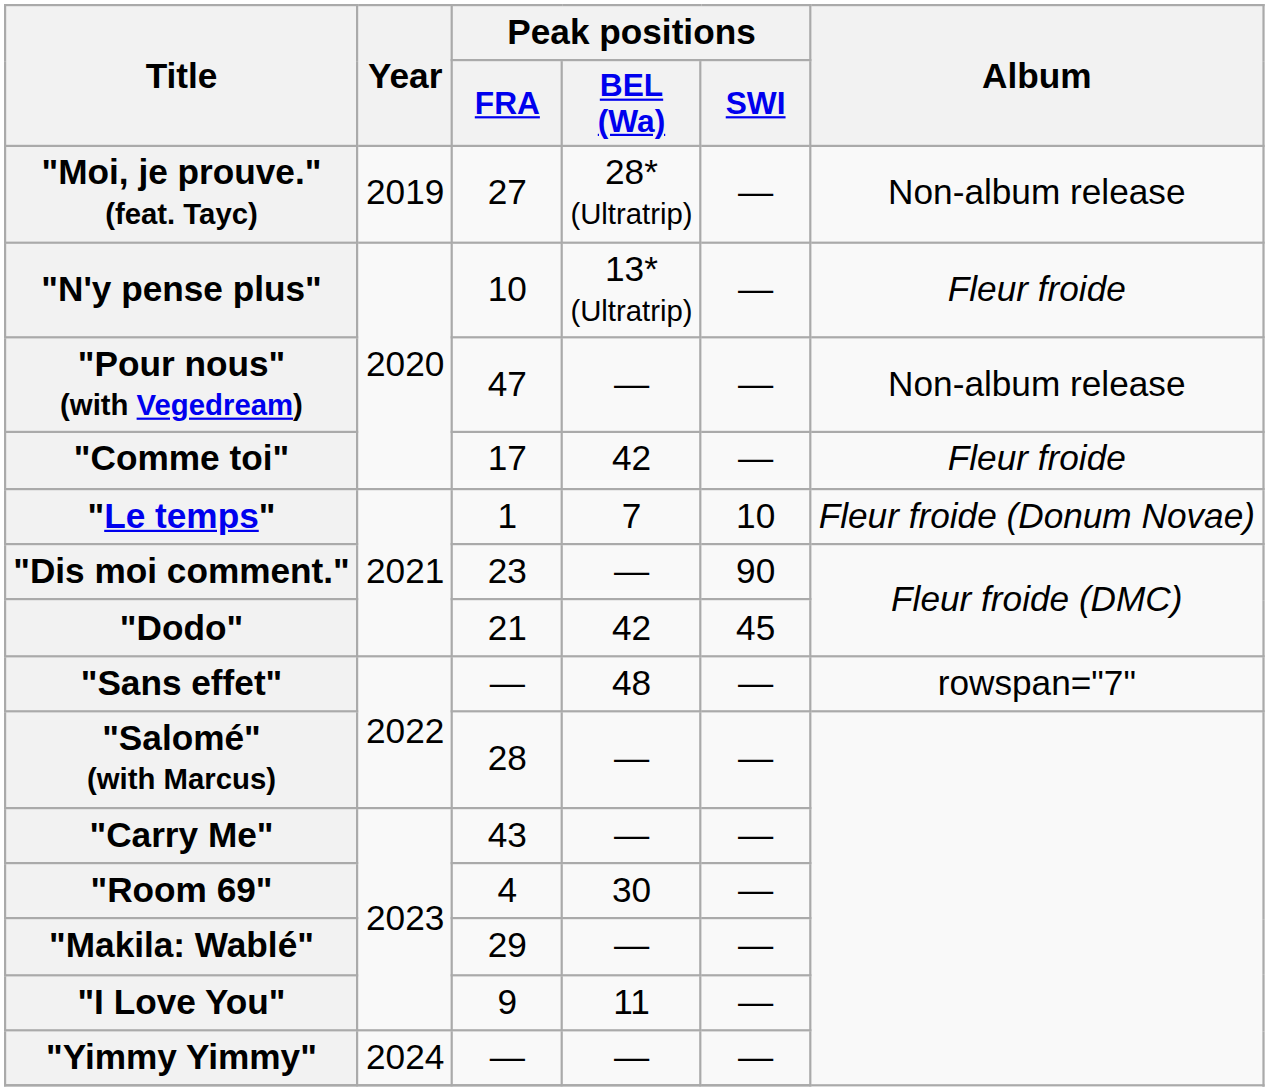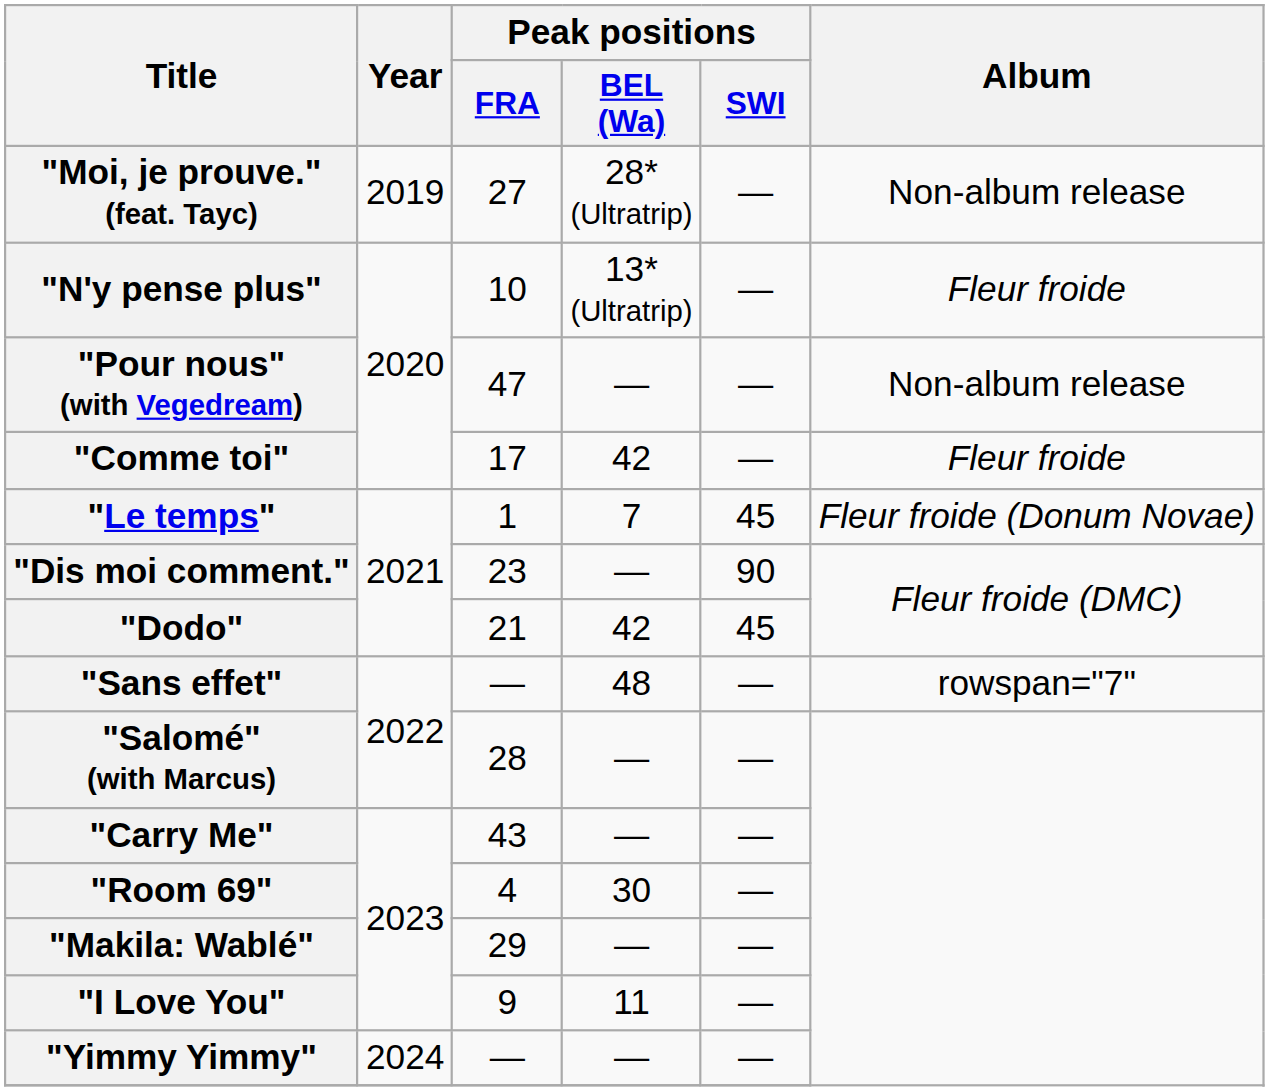 <table class="wikitable plainrowheaders" style="text-align:center">
 <tr>
 <th scope="col" rowspan="2">Title</th>
 <th scope="col" rowspan="2">Year</th>
 <th scope="col" colspan="3">Peak positions</th>
 <th scope="col" rowspan="2">Album</th>
 </tr>
 <tr>
 <th scope="col" style="width:3em;font-size:90%;"><a href='#'>FRA</a><br></th>
 <th scope="col" style="width:3em;font-size:90%;"><a href='#'>BEL<br>(Wa)</a><br></th>
 <th scope="col" style="width:3em;font-size:90%;"><a href='#'>SWI</a><br></th>
 </tr>
 <tr>
 <th scope="row">"Moi, je prouve."<br><small>(feat. Tayc)</small></th>
 <td>2019</td>
 <td>27</td>
 <td>28*<br><small>(Ultratrip)</small></td>
 <td>—</td>
 <td>Non-album release</td>
 </tr>
 <tr>
 <th scope="row">"N'y pense plus"</th>
 <td rowspan=3>2020</td>
 <td>10</td>
 <td>13*<br><small>(Ultratrip)</small></td>
 <td>—</td>
 <td><em>Fleur froide</em></td>
 </tr>
 <tr>
 <th scope="row">"Pour nous"<br><small>(with <a href='#'>Vegedream</a>)</small></th>
 <td>47</td>
 <td>—</td>
 <td>—</td>
 <td>Non-album release</td>
 </tr>
 <tr>
 <th scope="row">"Comme toi"</th>
 <td>17</td>
 <td>42</td>
 <td>—</td>
 <td><em>Fleur froide</em></td>
 </tr>
 <tr>
 <th scope="row">"<a href='#'>Le temps</a>"</th>
 <td rowspan=3>2021</td>
 <td>1</td>
 <td>7</td>
-<td>10</td>
+<td>45</td>
 <td><em>Fleur froide (Donum Novae)</em></td>
 </tr>
 <tr>
 <th scope="row">"Dis moi comment."</th>
 <td>23</td>
 <td>—</td>
 <td>90</td>
 <td rowspan="2"><em>Fleur froide (DMC)</em></td>
 </tr>
 <tr>
 <th scope="row">"Dodo"</th>
 <td>21</td>
 <td>42</td>
 <td>45</td>
 </tr>
 <tr>
 <th scope="row">"Sans effet"</th>
 <td rowspan="2">2022</td>
 <td>—</td>
 <td>48</td>
 <td>—</td>
 <td>rowspan="7" </td>
 </tr>
 <tr>
 <th scope="row">"Salomé"<br><small>(with Marcus)</small></th>
 <td>28</td>
 <td>—</td>
 <td>—</td>
 </tr>
 <tr>
 <th scope="row">"Carry Me"</th>
 <td rowspan=4>2023</td>
 <td>43</td>
 <td>—</td>
 <td>—</td>
 </tr>
 <tr>
 <th scope="row">"Room 69"</th>
 <td>4</td>
 <td>30</td>
 <td>—</td>
 </tr>
 <tr>
 <th scope="row">"Makila: Wablé"<br></th>
 <td>29</td>
 <td>—</td>
 <td>—</td>
 </tr>
 <tr>
 <th scope="row">"I Love You"<br></th>
 <td>9</td>
 <td>11</td>
 <td>—</td>
 </tr>
 <tr>
 <th scope="row">"Yimmy Yimmy"<br></th>
 <td>2024</td>
 <td>—</td>
 <td>—</td>
 <td>—</td>
 </tr>
 <tr>
 </tr>
 </table>
